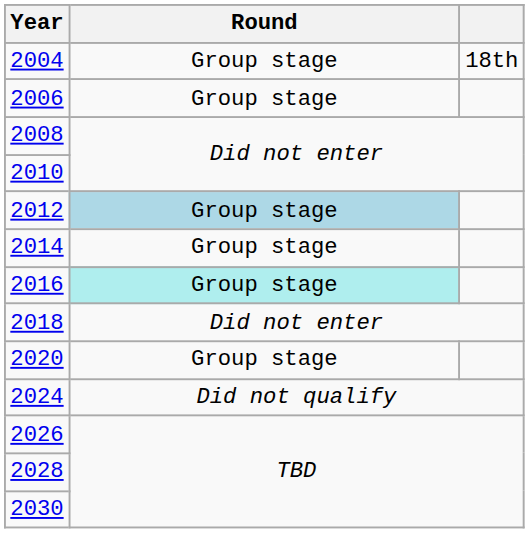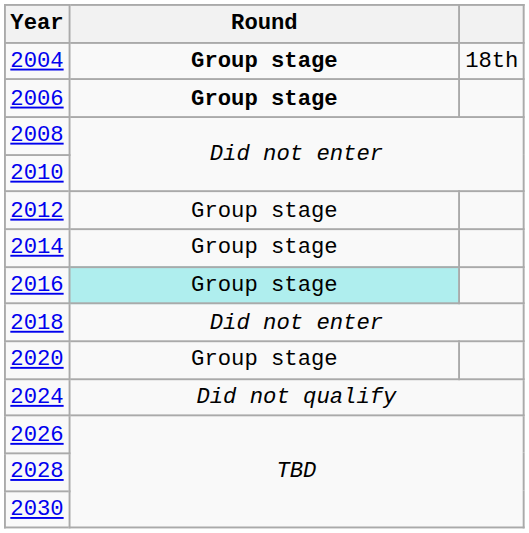 <table class="wikitable" style="text-align: center; font-size:90%">
 <tr>
 <th>Year</th>
 <th style="width:200px">Round</th>
 <th></th>
 </tr>
 <tr>
 <td><a href='#'>2004</a></td>
-<td>Group stage</td>
+<td><strong>Group stage</strong></td>
 <td>18th</td>
 </tr>
 <tr>
 <td><a href='#'>2006</a></td>
-<td>Group stage</td>
+<td><strong>Group stage</strong></td>
 <td></td>
 </tr>
 <tr>
 <td><a href='#'>2008</a></td>
 <td colspan="2" rowspan="2"><em>Did not enter</em></td>
 </tr>
 <tr>
 <td><a href='#'>2010</a></td>
 </tr>
 <tr>
 <td><a href='#'>2012</a></td>
-<td style="background: lightblue;">Group stage</td>
+<td>Group stage</td>
 <td></td>
 </tr>
 <tr>
 <td><a href='#'>2014</a></td>
 <td>Group stage</td>
 <td></td>
 </tr>
 <tr>
 <td><a href='#'>2016</a></td>
 <td style="background: paleturquoise;">Group stage</td>
 <td></td>
 </tr>
 <tr>
 <td><a href='#'>2018</a></td>
 <td colspan="2"><em>Did not enter</em></td>
 </tr>
 <tr>
 <td><a href='#'>2020</a></td>
 <td>Group stage</td>
 <td></td>
 </tr>
 <tr>
 <td><a href='#'>2024</a></td>
 <td colspan="2"><em>Did not qualify</em></td>
 </tr>
 <tr>
 <td><a href='#'>2026</a></td>
 <td colspan="2" rowspan="3"><em>TBD</em></td>
 </tr>
 <tr>
 <td><a href='#'>2028</a></td>
 </tr>
 <tr>
 <td><a href='#'>2030</a></td>
 </tr>
 </table>
